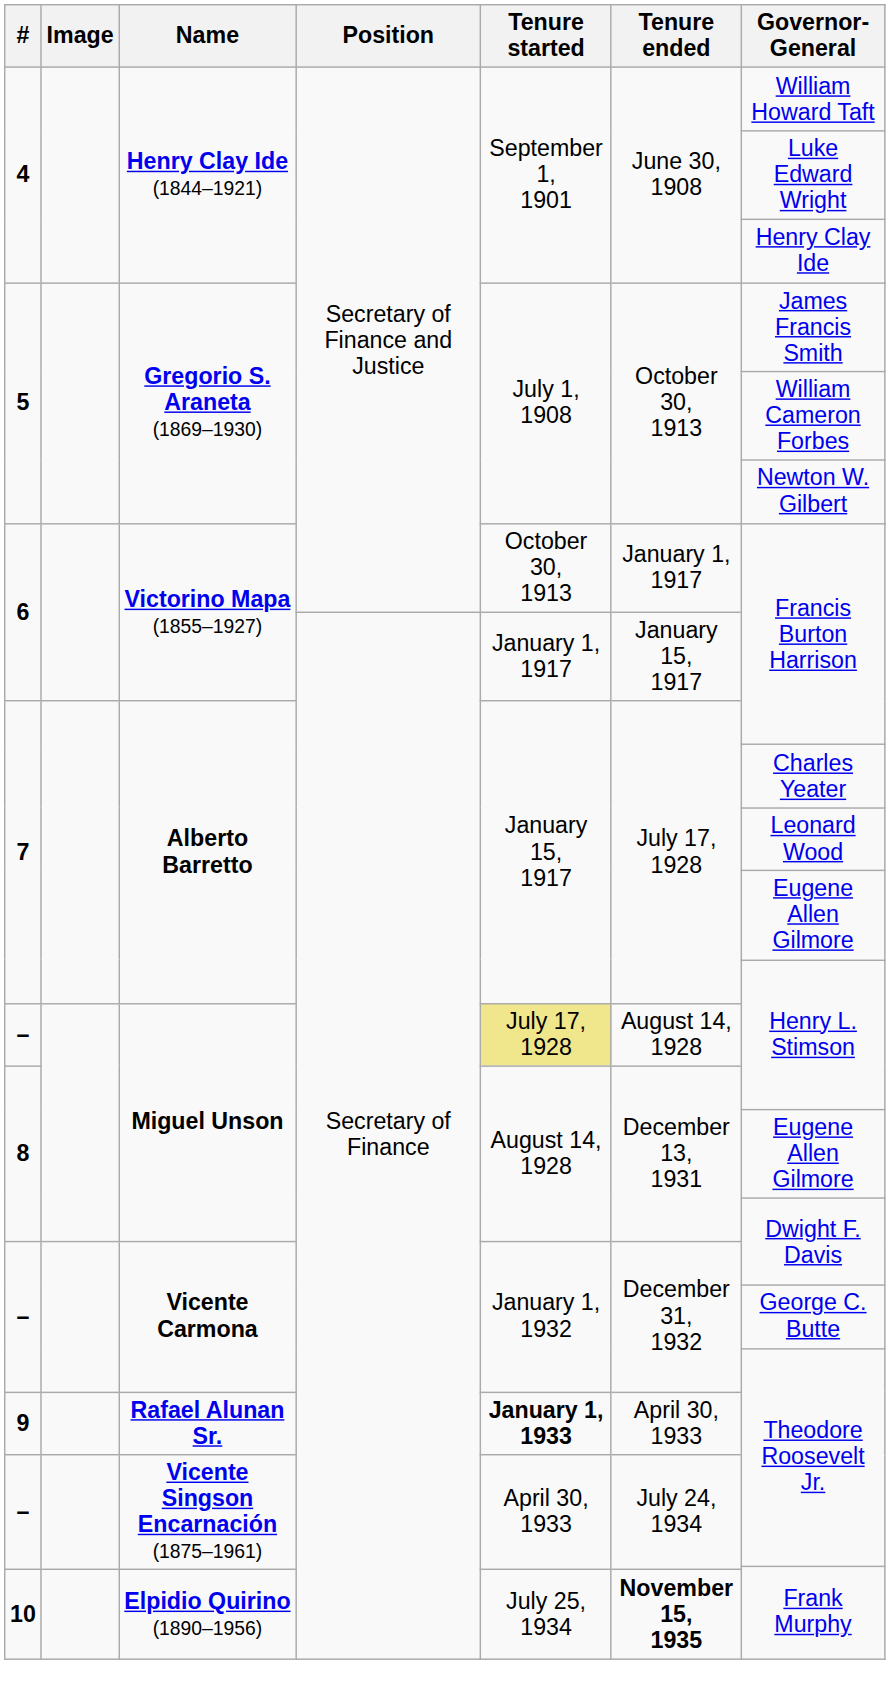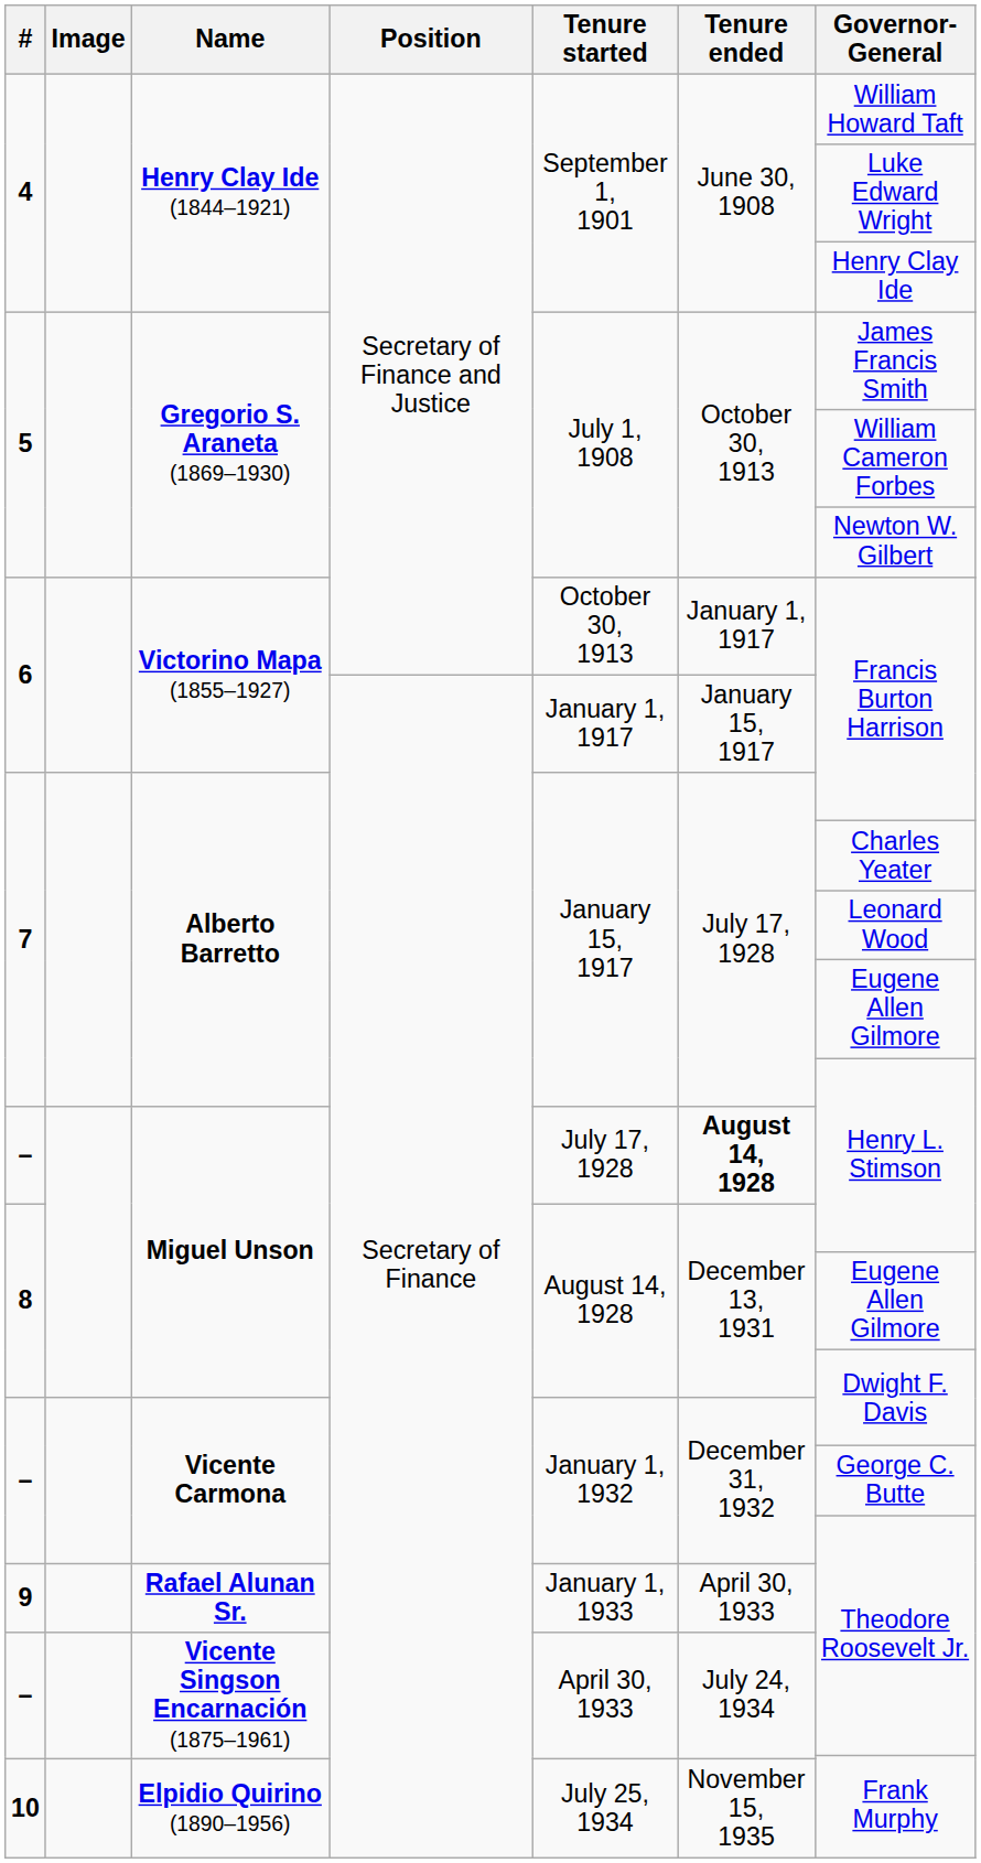 <table class="wikitable" style="text-align:center; border:1px #aaf solid;">
 <tr>
 <th>#</th>
 <th>Image</th>
 <th>Name</th>
 <th width=120px>Position</th>
 <th>Tenure started</th>
 <th>Tenure ended</th>
 <th>Governor-General</th>
 </tr>
 <tr>
 <td rowspan="4"><strong>4</strong></td>
 <td rowspan="4"></td>
 <td rowspan="4"><strong><a href='#'>Henry Clay Ide</a></strong><br><small>(1844–1921)</small><br></td>
 <td rowspan="9">Secretary of Finance and Justice</td>
 <td rowspan="4">September 1,<br>1901</td>
 <td rowspan="4">June 30,<br>1908</td>
 <td><a href='#'>William Howard Taft</a></td>
 </tr>
 <tr>
 <td><a href='#'>Luke Edward Wright</a></td>
 </tr>
 <tr>
 <td><a href='#'>Henry Clay Ide</a></td>
 </tr>
 <tr>
 <td rowspan="2"><a href='#'>James Francis Smith</a></td>
 </tr>
 <tr style="height:30px;">
 <td rowspan="4"><strong>5</strong></td>
 <td rowspan="4"></td>
 <td rowspan="4"><strong><a href='#'>Gregorio S. Araneta</a></strong><br><small>(1869–1930)</small><br></td>
 <td rowspan="4">July 1,<br>1908</td>
 <td rowspan="4">October 30,<br>1913</td>
 </tr>
 <tr>
 <td><a href='#'>William Cameron Forbes</a></td>
 </tr>
 <tr>
 <td><a href='#'>Newton W. Gilbert</a></td>
 </tr>
 <tr>
 <td rowspan="4"><a href='#'>Francis Burton Harrison</a></td>
 </tr>
 <tr style="height:30px;">
 <td rowspan="2"><strong>6</strong></td>
 <td rowspan="2"></td>
 <td rowspan="2"><strong><a href='#'>Victorino Mapa</a></strong><br><small>(1855–1927)</small><br></td>
 <td>October 30,<br>1913</td>
 <td>January 1,<br>1917</td>
 </tr>
 <tr>
 <td rowspan="17">Secretary of Finance</td>
 <td>January 1,<br>1917</td>
 <td>January 15,<br>1917</td>
 </tr>
 <tr style="height:30px;">
 <td rowspan="5"><strong>7</strong></td>
 <td rowspan="5"></td>
 <td rowspan="5"><strong>Alberto Barretto</strong><br></td>
 <td rowspan="5">January 15,<br>1917</td>
 <td rowspan="5">July 17,<br>1928</td>
 </tr>
 <tr>
 <td><a href='#'>Charles Yeater</a></td>
 </tr>
 <tr>
 <td><a href='#'>Leonard Wood</a></td>
 </tr>
 <tr>
 <td><a href='#'>Eugene Allen Gilmore</a></td>
 </tr>
 <tr style="height:30px;">
 <td rowspan="3"><a href='#'>Henry L. Stimson</a></td>
 </tr>
 <tr>
 <td><strong>–</strong></td>
 <td rowspan="4"></td>
 <td rowspan="4"><strong>Miguel Unson</strong><br></td>
-<td style="background: khaki;">July 17,<br>1928</td>
-<td>August 14,<br>1928</td>
+<td>July 17,<br>1928</td>
+<td><strong>August 14,<br>1928</strong></td>
 </tr>
 <tr style="height:30px;">
 <td rowspan="3"><strong>8</strong></td>
 <td rowspan="3">August 14,<br>1928</td>
 <td rowspan="3">December 13,<br>1931</td>
 </tr>
 <tr>
 <td><a href='#'>Eugene Allen Gilmore</a></td>
 </tr>
 <tr style="height:30px;">
 <td rowspan="2"><a href='#'>Dwight F. Davis</a></td>
 </tr>
 <tr style="height:30px;">
 <td rowspan="3"><strong>–</strong></td>
 <td rowspan="3"></td>
 <td rowspan="3"><strong>Vicente Carmona</strong><br></td>
 <td rowspan="3">January 1,<br>1932</td>
 <td rowspan="3">December 31,<br>1932</td>
 </tr>
 <tr>
 <td><a href='#'>George C. Butte</a></td>
 </tr>
 <tr style="height:30px;">
 <td rowspan="3"><a href='#'>Theodore Roosevelt Jr.</a></td>
 </tr>
 <tr>
 <td><strong>9</strong></td>
 <td></td>
 <td><strong><a href='#'>Rafael Alunan Sr.</a></strong></td>
-<td><strong>January 1,<br>1933</strong></td>
+<td>January 1,<br>1933</td>
 <td>April 30,<br>1933</td>
 </tr>
 <tr style="height:77px;">
 <td rowspan="2"><strong>–</strong></td>
 <td rowspan="2"></td>
 <td rowspan="2"><strong><a href='#'>Vicente Singson Encarnación</a></strong><br><small>(1875–1961)</small><br></td>
 <td rowspan="2">April 30,<br>1933</td>
 <td rowspan="2">July 24,<br>1934</td>
 </tr>
 <tr>
 <td rowspan="2"><a href='#'>Frank Murphy</a></td>
 </tr>
 <tr>
 <td><strong>10</strong></td>
 <td></td>
 <td><strong><a href='#'>Elpidio Quirino</a></strong><br><small>(1890–1956)</small></td>
 <td>July 25,<br>1934</td>
-<td><strong>November 15,<br>1935</strong></td>
+<td>November 15,<br>1935</td>
 </tr>
 </table>
